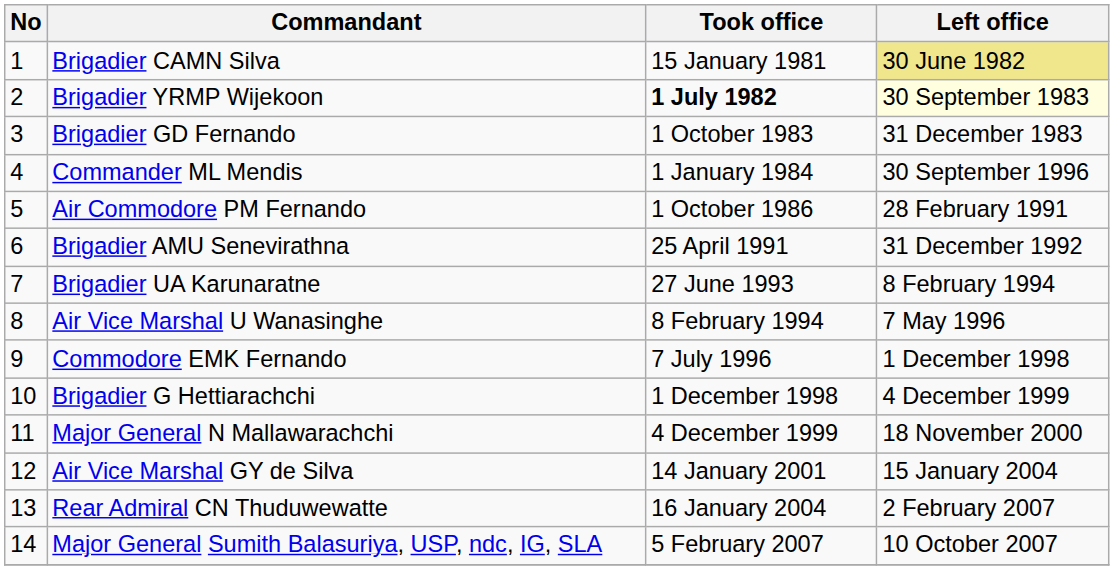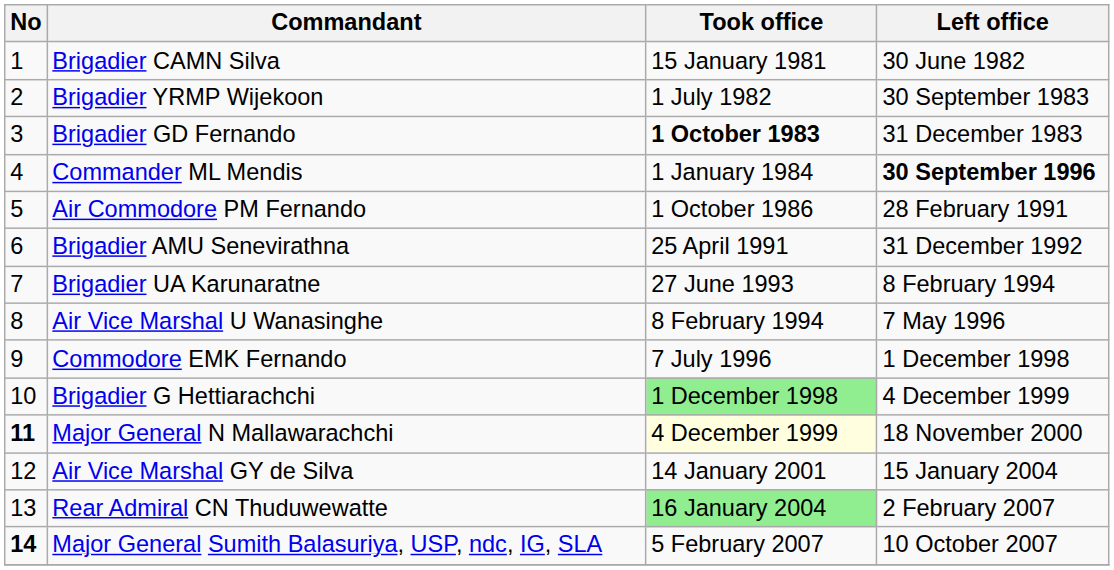 <table class="wikitable " border="1" style="border-collapse: collapse;">
 <tr bgcolor=lavender>
 <th>No</th>
 <th width=400px>Commandant</th>
 <th width=150px>Took office</th>
 <th width=150px>Left office</th>
 </tr>
 <tr>
 <td>1</td>
 <td><a href='#'>Brigadier</a> CAMN Silva</td>
 <td>15 January 1981</td>
-<td style="background: khaki;">30 June 1982</td>
+<td>30 June 1982</td>
 </tr>
 <tr>
 <td>2</td>
 <td><a href='#'>Brigadier</a> YRMP Wijekoon</td>
-<td><strong>1 July 1982</strong></td>
-<td style="background: lightyellow;">30 September 1983</td>
+<td>1 July 1982</td>
+<td>30 September 1983</td>
 </tr>
 <tr>
 <td>3</td>
 <td><a href='#'>Brigadier</a> GD Fernando</td>
-<td>1 October 1983</td>
+<td><strong>1 October 1983</strong></td>
 <td>31 December 1983</td>
 </tr>
 <tr>
 <td>4</td>
 <td><a href='#'>Commander</a> ML Mendis</td>
 <td>1 January 1984</td>
-<td>30 September 1996</td>
+<td><strong>30 September 1996</strong></td>
 </tr>
 <tr>
 <td>5</td>
 <td><a href='#'>Air Commodore</a> PM Fernando</td>
 <td>1 October 1986</td>
 <td>28 February 1991</td>
 </tr>
 <tr>
 <td>6</td>
 <td><a href='#'>Brigadier</a> AMU Senevirathna</td>
 <td>25 April 1991</td>
 <td>31 December 1992</td>
 </tr>
 <tr>
 <td>7</td>
 <td><a href='#'>Brigadier</a> UA Karunaratne</td>
 <td>27 June 1993</td>
 <td>8 February 1994</td>
 </tr>
 <tr>
 <td>8</td>
 <td><a href='#'>Air Vice Marshal</a> U Wanasinghe</td>
 <td>8 February 1994</td>
 <td>7 May 1996</td>
 </tr>
 <tr>
 <td>9</td>
 <td><a href='#'>Commodore</a> EMK Fernando</td>
 <td>7 July 1996</td>
 <td>1 December 1998</td>
 </tr>
 <tr>
 <td>10</td>
 <td><a href='#'>Brigadier</a> G Hettiarachchi</td>
-<td>1 December 1998</td>
+<td style="background: lightgreen;">1 December 1998</td>
 <td>4 December 1999</td>
 </tr>
 <tr>
-<td>11</td>
+<td><strong>11</strong></td>
 <td><a href='#'>Major General</a> N Mallawarachchi</td>
-<td>4 December 1999</td>
+<td style="background: lightyellow;">4 December 1999</td>
 <td>18 November 2000</td>
 </tr>
 <tr>
 <td>12</td>
 <td><a href='#'>Air Vice Marshal</a> GY de Silva</td>
 <td>14 January 2001</td>
 <td>15 January 2004</td>
 </tr>
 <tr>
 <td>13</td>
 <td><a href='#'>Rear Admiral</a> CN Thuduwewatte</td>
-<td>16 January 2004</td>
+<td style="background: lightgreen;">16 January 2004</td>
 <td>2 February 2007</td>
 </tr>
 <tr>
-<td>14</td>
+<td><strong>14</strong></td>
 <td><a href='#'>Major General</a> <a href='#'>Sumith Balasuriya</a>, <a href='#'>USP</a>, <a href='#'>ndc</a>, <a href='#'>IG</a>, <a href='#'>SLA</a></td>
 <td>5 February 2007</td>
 <td>10 October 2007</td>
 </tr>
 <tr>
 </tr>
 </table>
